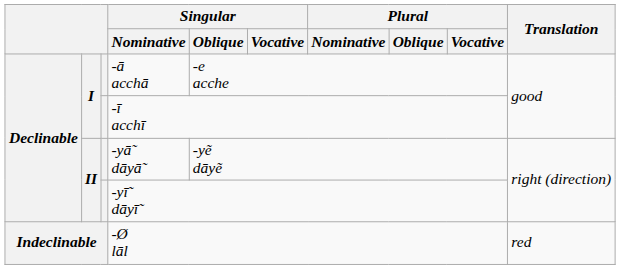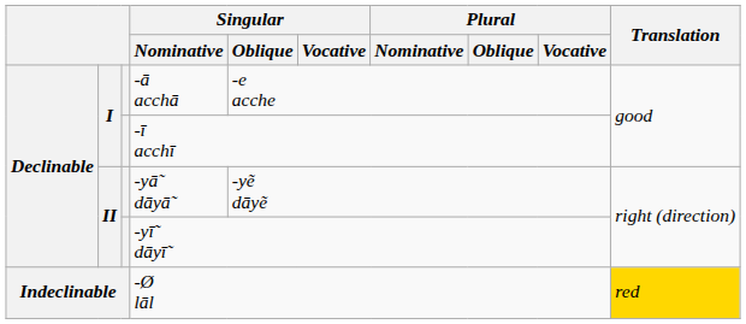 <table class="wikitable" style="margin: 1em auto 1em auto;">
 <tr>
 <th colspan="3" rowspan="2"></th>
 <th colspan="3"><em>Singular</em></th>
 <th colspan="3"><em>Plural</em></th>
 <th rowspan="2"><em>Translation</em></th>
 </tr>
 <tr>
 <th><em>Nominative</em></th>
 <th><em>Oblique</em></th>
 <th><em>Vocative</em></th>
 <th><em>Nominative</em></th>
 <th><em>Oblique</em></th>
 <th><em>Vocative</em></th>
 </tr>
 <tr>
 <th rowspan="4"><em>Declinable</em></th>
 <th rowspan="2"><em>I</em></th>
 <th><em></em></th>
 <td><em>-ā</em><br><em>acchā</em></td>
 <td colspan="5"><em>-e</em><br><em>acche</em></td>
 <td rowspan="2"><em>good</em></td>
 </tr>
 <tr>
 <th><em></em></th>
 <td colspan="6"><em>-ī</em><br><em>acchī</em></td>
 </tr>
 <tr>
 <th rowspan="2"><em>II</em></th>
 <th><em></em></th>
 <td><em>-yā̃</em><br><em>dāyā̃</em></td>
 <td colspan="5"><em>-yẽ</em><br><em>dāyẽ</em></td>
 <td rowspan="2"><em>right (direction)</em></td>
 </tr>
 <tr>
 <th><em></em></th>
 <td colspan="6"><em>-yī̃</em><br><em>dāyī̃</em></td>
 </tr>
 <tr>
 <th colspan="3"><em>Indeclinable</em></th>
 <td colspan="6"><em>-Ø</em><br><em>lāl</em></td>
-<td><em>red</em></td>
+<td style="background: gold;"><em>red</em></td>
 </tr>
 </table>
